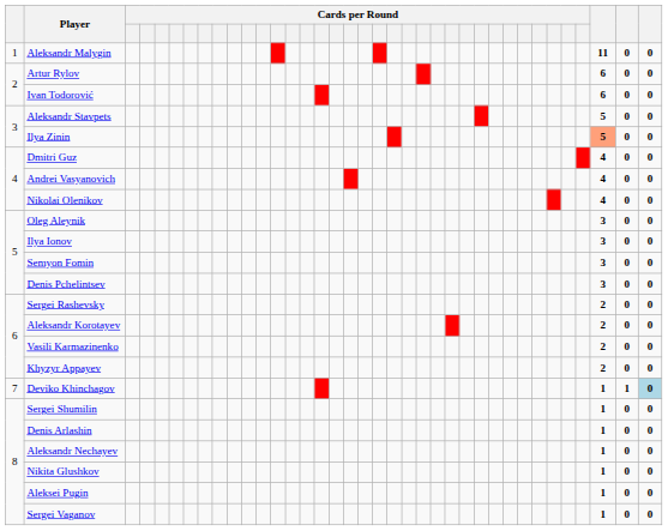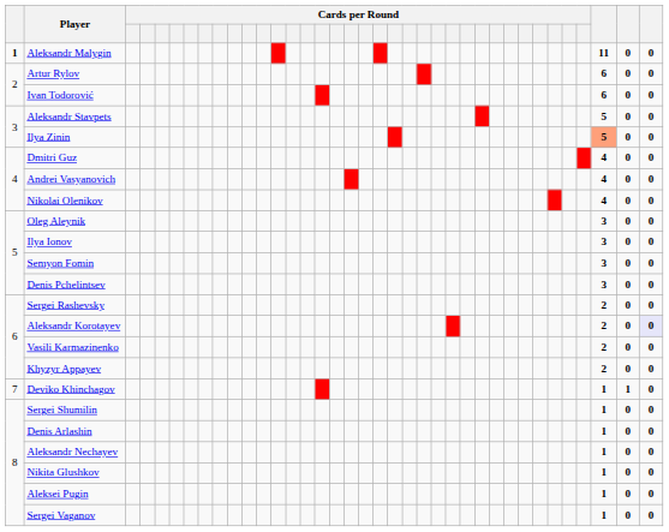 <table class="wikitable" style="text-align:center; line-height: 90%; font-size:90%;">
 <tr>
 <th rowspan=2 width=30></th>
 <th rowspan=2 width=170>Player</th>
 <th colspan=32 height=18>Cards per Round</th>
 <th rowspan=2 width=40></th>
 <th rowspan=2 width=40></th>
 <th rowspan=2 width=40></th>
 </tr>
 <tr>
 <th width=25 height=18></th>
 <th width=25></th>
 <th width=25></th>
 <th width=25></th>
 <th width=25></th>
 <th width=25></th>
 <th width=25></th>
 <th width=25></th>
 <th width=25></th>
 <th width=25></th>
 <th width=25></th>
 <th width=25></th>
 <th width=26></th>
 <th width=25></th>
 <th width=25></th>
 <th width=25></th>
 <th width=25></th>
 <th width=25></th>
 <th width=25></th>
 <th width=25></th>
 <th width=25></th>
 <th width=25></th>
 <th width=25></th>
 <th width=25></th>
 <th width=25></th>
 <th width=25></th>
 <th width=25></th>
 <th width=25></th>
 <th width=25></th>
 <th width=25></th>
 <th width=25></th>
 <th width=25></th>
 </tr>
 <tr>
-<td>1</td>
+<td><strong>1</strong></td>
 <td align=left height=21> <a href='#'>Aleksandr Malygin</a></td>
 <td></td>
 <td></td>
 <td></td>
 <td></td>
 <td></td>
 <td></td>
 <td></td>
 <td></td>
 <td></td>
 <td></td>
 <td bgcolor=#FF0000></td>
 <td></td>
 <td></td>
 <td></td>
 <td></td>
 <td></td>
 <td></td>
 <td bgcolor=#FF0000></td>
 <td></td>
 <td></td>
 <td></td>
 <td></td>
 <td></td>
 <td></td>
 <td></td>
 <td></td>
 <td></td>
 <td></td>
 <td></td>
 <td></td>
 <td></td>
 <td></td>
 <td><strong>11</strong></td>
 <td><strong>0</strong></td>
 <td><strong>0</strong></td>
 </tr>
 <tr>
 <td rowspan=2>2</td>
 <td align=left height=21> <a href='#'>Artur Rylov</a></td>
 <td></td>
 <td></td>
 <td></td>
 <td></td>
 <td></td>
 <td></td>
 <td></td>
 <td></td>
 <td></td>
 <td></td>
 <td></td>
 <td></td>
 <td></td>
 <td></td>
 <td></td>
 <td></td>
 <td></td>
 <td></td>
 <td></td>
 <td></td>
 <td bgcolor=#FF0000></td>
 <td></td>
 <td></td>
 <td></td>
 <td></td>
 <td></td>
 <td></td>
 <td></td>
 <td></td>
 <td></td>
 <td></td>
 <td></td>
 <td><strong>6</strong></td>
 <td><strong>0</strong></td>
 <td><strong>0</strong></td>
 </tr>
 <tr>
 <td align=left height=21> <a href='#'>Ivan Todorović</a></td>
 <td></td>
 <td></td>
 <td></td>
 <td></td>
 <td></td>
 <td></td>
 <td></td>
 <td></td>
 <td></td>
 <td></td>
 <td></td>
 <td></td>
 <td></td>
 <td bgcolor=#FF0000></td>
 <td></td>
 <td></td>
 <td></td>
 <td></td>
 <td></td>
 <td></td>
 <td></td>
 <td></td>
 <td></td>
 <td></td>
 <td></td>
 <td></td>
 <td></td>
 <td></td>
 <td></td>
 <td></td>
 <td></td>
 <td></td>
 <td><strong>6</strong></td>
 <td><strong>0</strong></td>
 <td><strong>0</strong></td>
 </tr>
 <tr>
 <td rowspan=2>3</td>
 <td align=left height=21> <a href='#'>Aleksandr Stavpets</a></td>
 <td></td>
 <td></td>
 <td></td>
 <td></td>
 <td></td>
 <td></td>
 <td></td>
 <td></td>
 <td></td>
 <td></td>
 <td></td>
 <td></td>
 <td></td>
 <td></td>
 <td></td>
 <td></td>
 <td></td>
 <td></td>
 <td></td>
 <td></td>
 <td></td>
 <td></td>
 <td></td>
 <td></td>
 <td bgcolor=#FF0000></td>
 <td></td>
 <td></td>
 <td></td>
 <td></td>
 <td></td>
 <td></td>
 <td></td>
 <td><strong>5</strong></td>
 <td><strong>0</strong></td>
 <td><strong>0</strong></td>
 </tr>
 <tr>
 <td align=left height=21> <a href='#'>Ilya Zinin</a></td>
 <td></td>
 <td></td>
 <td></td>
 <td></td>
 <td></td>
 <td></td>
 <td></td>
 <td></td>
 <td></td>
 <td></td>
 <td></td>
 <td></td>
 <td></td>
 <td></td>
 <td></td>
 <td></td>
 <td></td>
 <td></td>
 <td bgcolor=#FF0000></td>
 <td></td>
 <td></td>
 <td></td>
 <td></td>
 <td></td>
 <td></td>
 <td></td>
 <td></td>
 <td></td>
 <td></td>
 <td></td>
 <td></td>
 <td></td>
 <td style="background: lightsalmon;"><strong>5</strong></td>
 <td><strong>0</strong></td>
 <td><strong>0</strong></td>
 </tr>
 <tr>
 <td rowspan=3>4</td>
 <td align=left height=21> <a href='#'>Dmitri Guz</a></td>
 <td></td>
 <td></td>
 <td></td>
 <td></td>
 <td></td>
 <td></td>
 <td></td>
 <td></td>
 <td></td>
 <td></td>
 <td></td>
 <td></td>
 <td></td>
 <td></td>
 <td></td>
 <td></td>
 <td></td>
 <td></td>
 <td></td>
 <td></td>
 <td></td>
 <td></td>
 <td></td>
 <td></td>
 <td></td>
 <td></td>
 <td></td>
 <td></td>
 <td></td>
 <td></td>
 <td></td>
 <td bgcolor=#FF0000></td>
 <td><strong>4</strong></td>
 <td><strong>0</strong></td>
 <td><strong>0</strong></td>
 </tr>
 <tr>
 <td align=left height=21> <a href='#'>Andrei Vasyanovich</a></td>
 <td></td>
 <td></td>
 <td></td>
 <td></td>
 <td></td>
 <td></td>
 <td></td>
 <td></td>
 <td></td>
 <td></td>
 <td></td>
 <td></td>
 <td></td>
 <td></td>
 <td></td>
 <td bgcolor=#FF0000></td>
 <td></td>
 <td></td>
 <td></td>
 <td></td>
 <td></td>
 <td></td>
 <td></td>
 <td></td>
 <td></td>
 <td></td>
 <td></td>
 <td></td>
 <td></td>
 <td></td>
 <td></td>
 <td></td>
 <td><strong>4</strong></td>
 <td><strong>0</strong></td>
 <td><strong>0</strong></td>
 </tr>
 <tr>
 <td align=left height=21> <a href='#'>Nikolai Olenikov</a></td>
 <td></td>
 <td></td>
 <td></td>
 <td></td>
 <td></td>
 <td></td>
 <td></td>
 <td></td>
 <td></td>
 <td></td>
 <td></td>
 <td></td>
 <td></td>
 <td></td>
 <td></td>
 <td></td>
 <td></td>
 <td></td>
 <td></td>
 <td></td>
 <td></td>
 <td></td>
 <td></td>
 <td></td>
 <td></td>
 <td></td>
 <td></td>
 <td></td>
 <td></td>
 <td bgcolor=#FF0000></td>
 <td></td>
 <td></td>
 <td><strong>4</strong></td>
 <td><strong>0</strong></td>
 <td><strong>0</strong></td>
 </tr>
 <tr>
 <td rowspan=4>5</td>
 <td align=left height=21> <a href='#'>Oleg Aleynik</a></td>
 <td></td>
 <td></td>
 <td></td>
 <td></td>
 <td></td>
 <td></td>
 <td></td>
 <td></td>
 <td></td>
 <td></td>
 <td></td>
 <td></td>
 <td></td>
 <td></td>
 <td></td>
 <td></td>
 <td></td>
 <td></td>
 <td></td>
 <td></td>
 <td></td>
 <td></td>
 <td></td>
 <td></td>
 <td></td>
 <td></td>
 <td></td>
 <td></td>
 <td></td>
 <td></td>
 <td></td>
 <td></td>
 <td><strong>3</strong></td>
 <td><strong>0</strong></td>
 <td><strong>0</strong></td>
 </tr>
 <tr>
 <td align=left height=21> <a href='#'>Ilya Ionov</a></td>
 <td></td>
 <td></td>
 <td></td>
 <td></td>
 <td></td>
 <td></td>
 <td></td>
 <td></td>
 <td></td>
 <td></td>
 <td></td>
 <td></td>
 <td></td>
 <td></td>
 <td></td>
 <td></td>
 <td></td>
 <td></td>
 <td></td>
 <td></td>
 <td></td>
 <td></td>
 <td></td>
 <td></td>
 <td></td>
 <td></td>
 <td></td>
 <td></td>
 <td></td>
 <td></td>
 <td></td>
 <td></td>
 <td><strong>3</strong></td>
 <td><strong>0</strong></td>
 <td><strong>0</strong></td>
 </tr>
 <tr>
 <td align=left height=21> <a href='#'>Semyon Fomin</a></td>
 <td></td>
 <td></td>
 <td></td>
 <td></td>
 <td></td>
 <td></td>
 <td></td>
 <td></td>
 <td></td>
 <td></td>
 <td></td>
 <td></td>
 <td></td>
 <td></td>
 <td></td>
 <td></td>
 <td></td>
 <td></td>
 <td></td>
 <td></td>
 <td></td>
 <td></td>
 <td></td>
 <td></td>
 <td></td>
 <td></td>
 <td></td>
 <td></td>
 <td></td>
 <td></td>
 <td></td>
 <td></td>
 <td><strong>3</strong></td>
 <td><strong>0</strong></td>
 <td><strong>0</strong></td>
 </tr>
 <tr>
 <td align=left height=21> <a href='#'>Denis Pchelintsev</a></td>
 <td></td>
 <td></td>
 <td></td>
 <td></td>
 <td></td>
 <td></td>
 <td></td>
 <td></td>
 <td></td>
 <td></td>
 <td></td>
 <td></td>
 <td></td>
 <td></td>
 <td></td>
 <td></td>
 <td></td>
 <td></td>
 <td></td>
 <td></td>
 <td></td>
 <td></td>
 <td></td>
 <td></td>
 <td></td>
 <td></td>
 <td></td>
 <td></td>
 <td></td>
 <td></td>
 <td></td>
 <td></td>
 <td><strong>3</strong></td>
 <td><strong>0</strong></td>
 <td><strong>0</strong></td>
 </tr>
 <tr>
 <td rowspan=4>6</td>
 <td align=left height=21> <a href='#'>Sergei Rashevsky</a></td>
 <td></td>
 <td></td>
 <td></td>
 <td></td>
 <td></td>
 <td></td>
 <td></td>
 <td></td>
 <td></td>
 <td></td>
 <td></td>
 <td></td>
 <td></td>
 <td></td>
 <td></td>
 <td></td>
 <td></td>
 <td></td>
 <td></td>
 <td></td>
 <td></td>
 <td></td>
 <td></td>
 <td></td>
 <td></td>
 <td></td>
 <td></td>
 <td></td>
 <td></td>
 <td></td>
 <td></td>
 <td></td>
 <td><strong>2</strong></td>
 <td><strong>0</strong></td>
 <td><strong>0</strong></td>
 </tr>
 <tr>
 <td align=left height=21> <a href='#'>Aleksandr Korotayev</a></td>
 <td></td>
 <td></td>
 <td></td>
 <td></td>
 <td></td>
 <td></td>
 <td></td>
 <td></td>
 <td></td>
 <td></td>
 <td></td>
 <td></td>
 <td></td>
 <td></td>
 <td></td>
 <td></td>
 <td></td>
 <td></td>
 <td></td>
 <td></td>
 <td></td>
 <td></td>
 <td bgcolor=#FF0000></td>
 <td></td>
 <td></td>
 <td></td>
 <td></td>
 <td></td>
 <td></td>
 <td></td>
 <td></td>
 <td></td>
 <td><strong>2</strong></td>
 <td><strong>0</strong></td>
-<td><strong>0</strong></td>
+<td style="background: lavender;"><strong>0</strong></td>
 </tr>
 <tr>
 <td align=left height=21> <a href='#'>Vasili Karmazinenko</a></td>
 <td></td>
 <td></td>
 <td></td>
 <td></td>
 <td></td>
 <td></td>
 <td></td>
 <td></td>
 <td></td>
 <td></td>
 <td></td>
 <td></td>
 <td></td>
 <td></td>
 <td></td>
 <td></td>
 <td></td>
 <td></td>
 <td></td>
 <td></td>
 <td></td>
 <td></td>
 <td></td>
 <td></td>
 <td></td>
 <td></td>
 <td></td>
 <td></td>
 <td></td>
 <td></td>
 <td></td>
 <td></td>
 <td><strong>2</strong></td>
 <td><strong>0</strong></td>
 <td><strong>0</strong></td>
 </tr>
 <tr>
 <td align=left height=21> <a href='#'>Khyzyr Appayev</a></td>
 <td></td>
 <td></td>
 <td></td>
 <td></td>
 <td></td>
 <td></td>
 <td></td>
 <td></td>
 <td></td>
 <td></td>
 <td></td>
 <td></td>
 <td></td>
 <td></td>
 <td></td>
 <td></td>
 <td></td>
 <td></td>
 <td></td>
 <td></td>
 <td></td>
 <td></td>
 <td></td>
 <td></td>
 <td></td>
 <td></td>
 <td></td>
 <td></td>
 <td></td>
 <td></td>
 <td></td>
 <td></td>
 <td><strong>2</strong></td>
 <td><strong>0</strong></td>
 <td><strong>0</strong></td>
 </tr>
 <tr>
 <td>7</td>
 <td align=left height=21> <a href='#'>Deviko Khinchagov</a></td>
 <td></td>
 <td></td>
 <td></td>
 <td></td>
 <td></td>
 <td></td>
 <td></td>
 <td></td>
 <td></td>
 <td></td>
 <td></td>
 <td></td>
 <td></td>
 <td bgcolor=#FF0000></td>
 <td></td>
 <td></td>
 <td></td>
 <td></td>
 <td></td>
 <td></td>
 <td></td>
 <td></td>
 <td></td>
 <td></td>
 <td></td>
 <td></td>
 <td></td>
 <td></td>
 <td></td>
 <td></td>
 <td></td>
 <td></td>
 <td><strong>1</strong></td>
 <td><strong>1</strong></td>
-<td style="background: lightblue;"><strong>0</strong></td>
+<td><strong>0</strong></td>
 </tr>
 <tr>
 <td rowspan=6>8</td>
 <td align=left height=21> <a href='#'>Sergei Shumilin</a></td>
 <td></td>
 <td></td>
 <td></td>
 <td></td>
 <td></td>
 <td></td>
 <td></td>
 <td></td>
 <td></td>
 <td></td>
 <td></td>
 <td></td>
 <td></td>
 <td></td>
 <td></td>
 <td></td>
 <td></td>
 <td></td>
 <td></td>
 <td></td>
 <td></td>
 <td></td>
 <td></td>
 <td></td>
 <td></td>
 <td></td>
 <td></td>
 <td></td>
 <td></td>
 <td></td>
 <td></td>
 <td></td>
 <td><strong>1</strong></td>
 <td><strong>0</strong></td>
 <td><strong>0</strong></td>
 </tr>
 <tr>
 <td align=left height=21> <a href='#'>Denis Arlashin</a></td>
 <td></td>
 <td></td>
 <td></td>
 <td></td>
 <td></td>
 <td></td>
 <td></td>
 <td></td>
 <td></td>
 <td></td>
 <td></td>
 <td></td>
 <td></td>
 <td></td>
 <td></td>
 <td></td>
 <td></td>
 <td></td>
 <td></td>
 <td></td>
 <td></td>
 <td></td>
 <td></td>
 <td></td>
 <td></td>
 <td></td>
 <td></td>
 <td></td>
 <td></td>
 <td></td>
 <td></td>
 <td></td>
 <td><strong>1</strong></td>
 <td><strong>0</strong></td>
 <td><strong>0</strong></td>
 </tr>
 <tr>
 <td align=left height=21> <a href='#'>Aleksandr Nechayev</a></td>
 <td></td>
 <td></td>
 <td></td>
 <td></td>
 <td></td>
 <td></td>
 <td></td>
 <td></td>
 <td></td>
 <td></td>
 <td></td>
 <td></td>
 <td></td>
 <td></td>
 <td></td>
 <td></td>
 <td></td>
 <td></td>
 <td></td>
 <td></td>
 <td></td>
 <td></td>
 <td></td>
 <td></td>
 <td></td>
 <td></td>
 <td></td>
 <td></td>
 <td></td>
 <td></td>
 <td></td>
 <td></td>
 <td><strong>1</strong></td>
 <td><strong>0</strong></td>
 <td><strong>0</strong></td>
 </tr>
 <tr>
 <td align=left height=21> <a href='#'>Nikita Glushkov</a></td>
 <td></td>
 <td></td>
 <td></td>
 <td></td>
 <td></td>
 <td></td>
 <td></td>
 <td></td>
 <td></td>
 <td></td>
 <td></td>
 <td></td>
 <td></td>
 <td></td>
 <td></td>
 <td></td>
 <td></td>
 <td></td>
 <td></td>
 <td></td>
 <td></td>
 <td></td>
 <td></td>
 <td></td>
 <td></td>
 <td></td>
 <td></td>
 <td></td>
 <td></td>
 <td></td>
 <td></td>
 <td></td>
 <td><strong>1</strong></td>
 <td><strong>0</strong></td>
 <td><strong>0</strong></td>
 </tr>
 <tr>
 <td align=left height=21> <a href='#'>Aleksei Pugin</a></td>
 <td></td>
 <td></td>
 <td></td>
 <td></td>
 <td></td>
 <td></td>
 <td></td>
 <td></td>
 <td></td>
 <td></td>
 <td></td>
 <td></td>
 <td></td>
 <td></td>
 <td></td>
 <td></td>
 <td></td>
 <td></td>
 <td></td>
 <td></td>
 <td></td>
 <td></td>
 <td></td>
 <td></td>
 <td></td>
 <td></td>
 <td></td>
 <td></td>
 <td></td>
 <td></td>
 <td></td>
 <td></td>
 <td><strong>1</strong></td>
 <td><strong>0</strong></td>
 <td><strong>0</strong></td>
 </tr>
 <tr>
 <td align=left height=21> <a href='#'>Sergei Vaganov</a></td>
 <td></td>
 <td></td>
 <td></td>
 <td></td>
 <td></td>
 <td></td>
 <td></td>
 <td></td>
 <td></td>
 <td></td>
 <td></td>
 <td></td>
 <td></td>
 <td></td>
 <td></td>
 <td></td>
 <td></td>
 <td></td>
 <td></td>
 <td></td>
 <td></td>
 <td></td>
 <td></td>
 <td></td>
 <td></td>
 <td></td>
 <td></td>
 <td></td>
 <td></td>
 <td></td>
 <td></td>
 <td></td>
 <td><strong>1</strong></td>
 <td><strong>0</strong></td>
 <td><strong>0</strong></td>
 </tr>
 </table>
